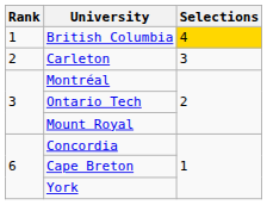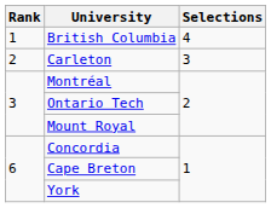 <table class="wikitable">
 <tr>
 <th>Rank</th>
 <th>University</th>
 <th>Selections</th>
 </tr>
 <tr>
 <td>1</td>
 <td><a href='#'>British Columbia</a></td>
-<td style="background: gold;">4</td>
+<td>4</td>
 </tr>
 <tr>
 <td>2</td>
 <td><a href='#'>Carleton</a></td>
 <td>3</td>
 </tr>
 <tr>
 <td rowspan="3">3</td>
 <td><a href='#'>Montréal</a></td>
 <td rowspan="3">2</td>
 </tr>
 <tr>
 <td><a href='#'>Ontario Tech</a></td>
 </tr>
 <tr>
 <td><a href='#'>Mount Royal</a></td>
 </tr>
 <tr>
 <td rowspan="3">6</td>
 <td><a href='#'>Concordia</a></td>
 <td rowspan="3">1</td>
 </tr>
 <tr>
 <td><a href='#'>Cape Breton</a></td>
 </tr>
 <tr>
 <td><a href='#'>York</a></td>
 </tr>
 </table>
